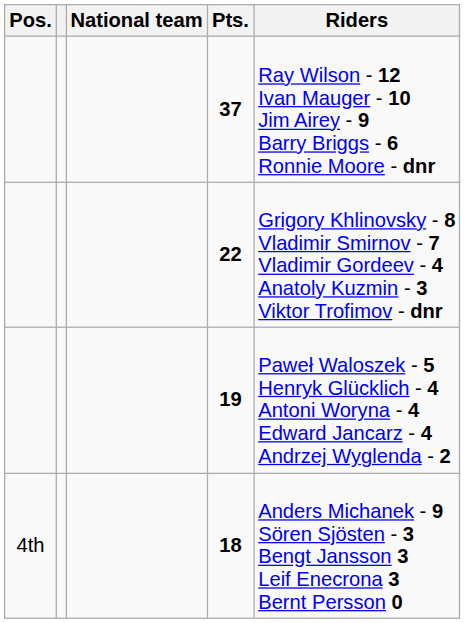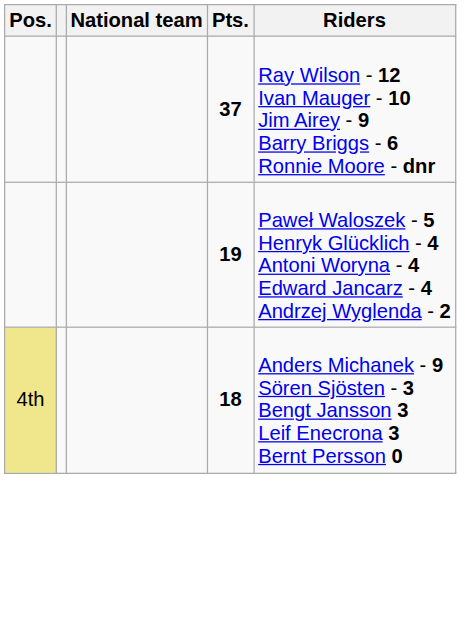 <table class=wikitable style="font-size:100%;">
 <tr>
 <th>Pos.</th>
 <th></th>
 <th>National team</th>
 <th>Pts.</th>
 <th>Riders</th>
 </tr>
 <tr align=center >
 <td></td>
 <td></td>
 <td align=left></td>
 <td><strong>37</strong></td>
 <td align=left><br><a href='#'>Ray Wilson</a> - <strong>12</strong><br> <a href='#'>Ivan Mauger</a> - <strong>10</strong><br> <a href='#'>Jim Airey</a> - <strong>9</strong><br> <a href='#'>Barry Briggs</a> - <strong>6</strong><br> <a href='#'>Ronnie Moore</a> - <strong>dnr</strong></td>
 </tr>
 <tr align=center >
 <td></td>
 <td></td>
 <td align=left></td>
-<td><strong>22</strong></td>
-<td align=left><br><a href='#'>Grigory Khlinovsky</a> - <strong>8</strong><br> <a href='#'>Vladimir Smirnov</a> - <strong>7</strong><br> <a href='#'>Vladimir Gordeev</a> - <strong>4</strong><br> <a href='#'>Anatoly Kuzmin</a> - <strong>3</strong><br> <a href='#'>Viktor Trofimov</a> - <strong>dnr</strong></td>
-</tr>
-<tr align=center >
-<td></td>
-<td></td>
-<td align=left></td>
 <td><strong>19</strong></td>
 <td align=left><br><a href='#'>Paweł Waloszek</a> - <strong>5</strong><br> <a href='#'>Henryk Glücklich</a> - <strong>4</strong><br> <a href='#'>Antoni Woryna</a> - <strong>4</strong><br> <a href='#'>Edward Jancarz</a> - <strong>4</strong><br> <a href='#'>Andrzej Wyglenda</a> - <strong>2</strong></td>
 </tr>
 <tr align=center >
-<td>4th</td>
+<td style="background: khaki;">4th</td>
 <td></td>
 <td align=left></td>
 <td><strong>18</strong></td>
 <td align=left><br><a href='#'>Anders Michanek</a> - <strong>9</strong><br> <a href='#'>Sören Sjösten</a> - <strong>3</strong><br> <a href='#'>Bengt Jansson</a> <strong>3</strong><br> <a href='#'>Leif Enecrona</a> <strong>3</strong><br> <a href='#'>Bernt Persson</a> <strong>0</strong></td>
 </tr>
 </table>
